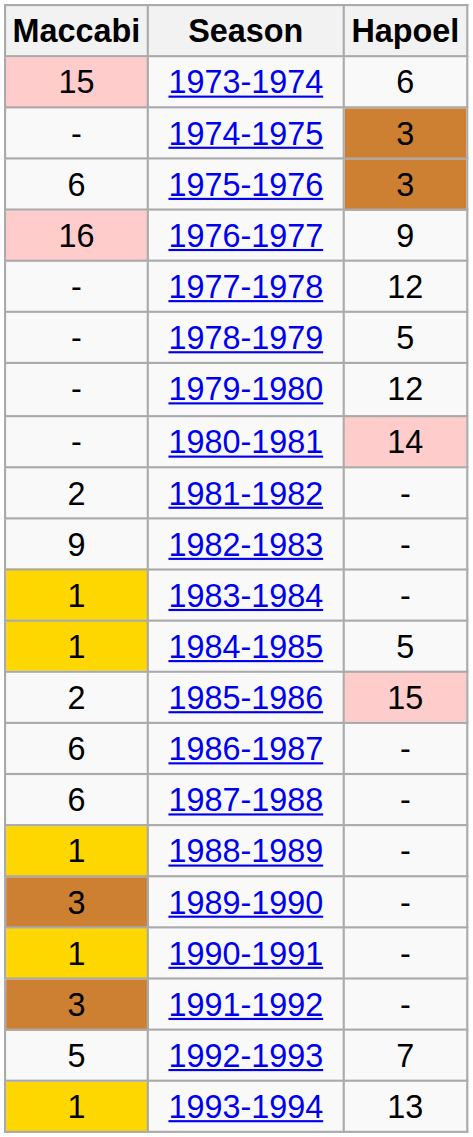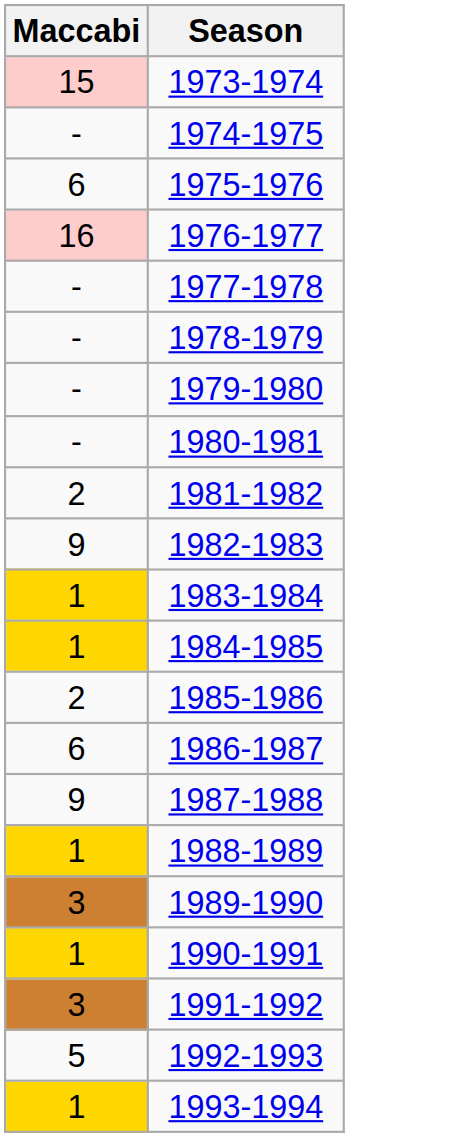 <table class="wikitable sortable" style="font-size:95%; text-align:center">
 <tr>
 <th width=40>Maccabi</th>
 <th width=85>Season</th>
-<th width=40>Hapoel</th>
 </tr>
 <tr>
 <td align="center"bgcolor="#ffcccc">15</td>
 <td align=center><a href='#'>1973-1974</a></td>
-<td align="center">6</td>
 </tr>
 <tr>
 <td align=center>-</td>
 <td align=center><a href='#'>1974-1975</a></td>
-<td align="center"bgcolor="#CD7F32">3</td>
 </tr>
 <tr>
 <td align=center>6</td>
 <td align=center><a href='#'>1975-1976</a></td>
-<td align="center"bgcolor="#CD7F32">3</td>
 </tr>
 <tr>
 <td align="center"bgcolor="#ffcccc">16</td>
 <td align=center><a href='#'>1976-1977</a></td>
-<td align="center">9</td>
 </tr>
 <tr>
 <td align=center>-</td>
 <td align=center><a href='#'>1977-1978</a></td>
-<td align="center">12</td>
 </tr>
 <tr>
 <td align=center>-</td>
 <td align=center><a href='#'>1978-1979</a></td>
-<td align="center">5</td>
 </tr>
 <tr>
 <td align=center>-</td>
 <td align=center><a href='#'>1979-1980</a></td>
-<td align="center">12</td>
 </tr>
 <tr>
 <td align=center>-</td>
 <td align=center><a href='#'>1980-1981</a></td>
-<td align="center"bgcolor="#ffcccc">14</td>
 </tr>
 <tr>
 <td align=center>2</td>
 <td align=center><a href='#'>1981-1982</a></td>
-<td align="center">-</td>
 </tr>
 <tr>
 <td align=center>9</td>
 <td align=center><a href='#'>1982-1983</a></td>
-<td align="center">-</td>
 </tr>
 <tr>
 <td align="center"bgcolor="#FFD700">1</td>
 <td align=center><a href='#'>1983-1984</a></td>
-<td align="center">-</td>
 </tr>
 <tr>
 <td align="center"bgcolor="#FFD700">1</td>
 <td align=center><a href='#'>1984-1985</a></td>
-<td align="center">5</td>
 </tr>
 <tr>
 <td align=center>2</td>
 <td align=center><a href='#'>1985-1986</a></td>
-<td align="center"bgcolor="#ffcccc">15</td>
 </tr>
 <tr>
 <td align=center>6</td>
 <td align=center><a href='#'>1986-1987</a></td>
-<td align="center">-</td>
 </tr>
 <tr>
-<td align=center>6</td>
+<td align=center>9</td>
 <td align=center><a href='#'>1987-1988</a></td>
-<td align="center">-</td>
 </tr>
 <tr>
 <td align="center"bgcolor="#FFD700">1</td>
 <td align=center><a href='#'>1988-1989</a></td>
-<td align="center">-</td>
 </tr>
 <tr>
 <td align="center"bgcolor="#CD7F32">3</td>
 <td align=center><a href='#'>1989-1990</a></td>
-<td align="center">-</td>
 </tr>
 <tr>
 <td align="center"bgcolor="#FFD700">1</td>
 <td align=center><a href='#'>1990-1991</a></td>
-<td align="center">-</td>
 </tr>
 <tr>
 <td align="center"bgcolor="#CD7F32">3</td>
 <td align=center><a href='#'>1991-1992</a></td>
-<td align="center">-</td>
 </tr>
 <tr>
 <td align=center>5</td>
 <td align=center><a href='#'>1992-1993</a></td>
-<td align=center>7</td>
 </tr>
 <tr>
 <td align="center"bgcolor="#FFD700">1</td>
 <td align=center><a href='#'>1993-1994</a></td>
-<td align=center>13</td>
 </tr>
 </table>
